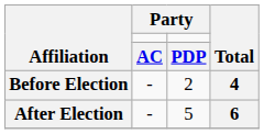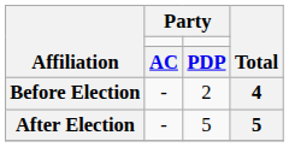 <table class=wikitable style="text-align:center">
 <tr style="vertical-align:bottom;">
 <th rowspan=3>Affiliation</th>
 <th colspan=2>Party</th>
 <th rowspan=3>Total</th>
 </tr>
 <tr>
 <td style="background-color:"></td>
 <td style="background-color:"></td>
 </tr>
 <tr>
 <th><a href='#'>AC</a></th>
 <th><a href='#'>PDP</a></th>
 </tr>
 <tr>
 <th>Before Election</th>
 <td>-</td>
 <td>2</td>
 <th>4</th>
 </tr>
 <tr>
 <th>After Election</th>
 <td>-</td>
 <td>5</td>
-<th>6</th>
+<th>5</th>
 </tr>
 <tr>
 </tr>
 </table>
